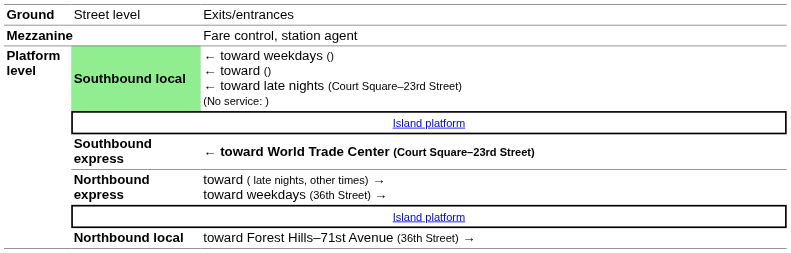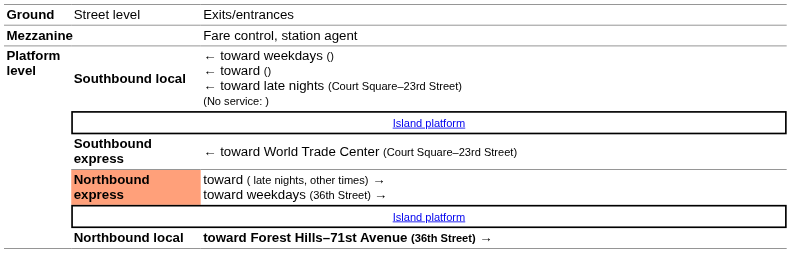 <table border=0 cellspacing=0 cellpadding=3>
 <tr>
 <td style="border-top:solid 1px gray;border-bottom:solid 1px gray;" width=75><strong>Ground</strong></td>
 <td style="border-top:solid 1px gray;border-bottom:solid 1px gray;" width=150>Street level</td>
 <td style="border-top:solid 1px gray;border-bottom:solid 1px gray;" width=700>Exits/entrances</td>
 </tr>
 <tr>
 <td valign=top colspan=2><strong>Mezzanine</strong></td>
 <td valign=top>Fare control, station agent<br></td>
 </tr>
 <tr>
 <td style="border-bottom:solid 1px gray;border-top:solid 1px gray;" rowspan=6 valign=top><strong>Platform level</strong></td>
-<td style="background: lightgreen; border-top:solid 1px gray;"><strong>Southbound local</strong></td>
+<td style="border-top:solid 1px gray;"><strong>Southbound local</strong></td>
 <td style="border-top:solid 1px gray;">←  toward  weekdays <small>()</small><br>←  toward  <small>()</small><br>←  toward  late nights <small>(Court Square–23rd Street)</small><br> <small>(No service: )</small></td>
 </tr>
 <tr>
 <td style="border-top:solid 2px black;border-right:solid 2px black;border-left:solid 2px black;border-bottom:solid 2px black;text-align:center;" colspan=2><small><a href='#'>Island platform</a> </small></td>
 </tr>
 <tr>
 <td style="border-bottom:solid 1px gray;"><strong>Southbound express</strong></td>
-<td style="border-bottom:solid 1px gray;"><strong>←  toward World Trade Center <small>(Court Square–23rd Street)</small></strong></td>
+<td style="border-bottom:solid 1px gray;">←  toward World Trade Center <small>(Court Square–23rd Street)</small></td>
 </tr>
 <tr>
-<td><strong>Northbound express</strong></td>
+<td style="background: lightsalmon;"><strong>Northbound express</strong></td>
 <td>  toward  <small>( late nights,  other times)</small> →<br>  toward  weekdays <small>(36th Street) </small> →</td>
 </tr>
 <tr>
 <td style="border-top:solid 2px black;border-right:solid 2px black;border-left:solid 2px black;border-bottom:solid 2px black;text-align:center;" colspan=2><small><a href='#'>Island platform</a> </small></td>
 </tr>
 <tr>
 <td style="border-bottom:solid 1px gray;"><strong>Northbound local</strong></td>
-<td style="border-bottom:solid 1px gray;">  toward Forest Hills–71st Avenue <small>(36th Street)</small> →</td>
+<td style="border-bottom:solid 1px gray;"><strong>  toward Forest Hills–71st Avenue <small>(36th Street)</small> →</strong></td>
 </tr>
 </table>
